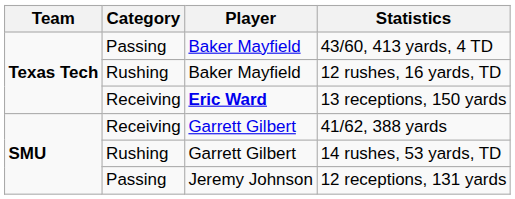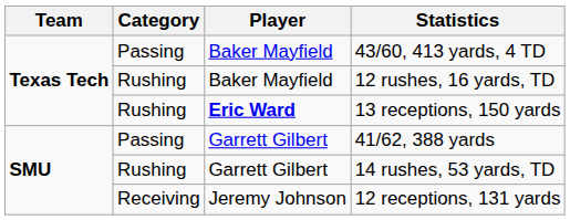 <table class="wikitable" style="float: left;">
 <tr>
 <th>Team</th>
 <th>Category</th>
 <th>Player</th>
 <th>Statistics</th>
 </tr>
 <tr>
 <td rowspan=3><strong>Texas Tech</strong></td>
 <td>Passing</td>
 <td><a href='#'>Baker Mayfield</a></td>
 <td>43/60, 413 yards, 4 TD</td>
 </tr>
 <tr>
 <td>Rushing</td>
 <td>Baker Mayfield</td>
 <td>12 rushes, 16 yards, TD</td>
 </tr>
 <tr>
-<td>Receiving</td>
+<td>Rushing</td>
 <td><strong><a href='#'>Eric Ward</a></strong></td>
 <td>13 receptions, 150 yards</td>
 </tr>
 <tr>
 <td rowspan=3><strong>SMU</strong></td>
-<td>Receiving</td>
+<td>Passing</td>
 <td><a href='#'>Garrett Gilbert</a></td>
 <td>41/62, 388 yards</td>
 </tr>
 <tr>
 <td>Rushing</td>
 <td>Garrett Gilbert</td>
 <td>14 rushes, 53 yards, TD</td>
 </tr>
 <tr>
-<td>Passing</td>
+<td>Receiving</td>
 <td>Jeremy Johnson</td>
 <td>12 receptions, 131 yards</td>
 </tr>
 </table>
